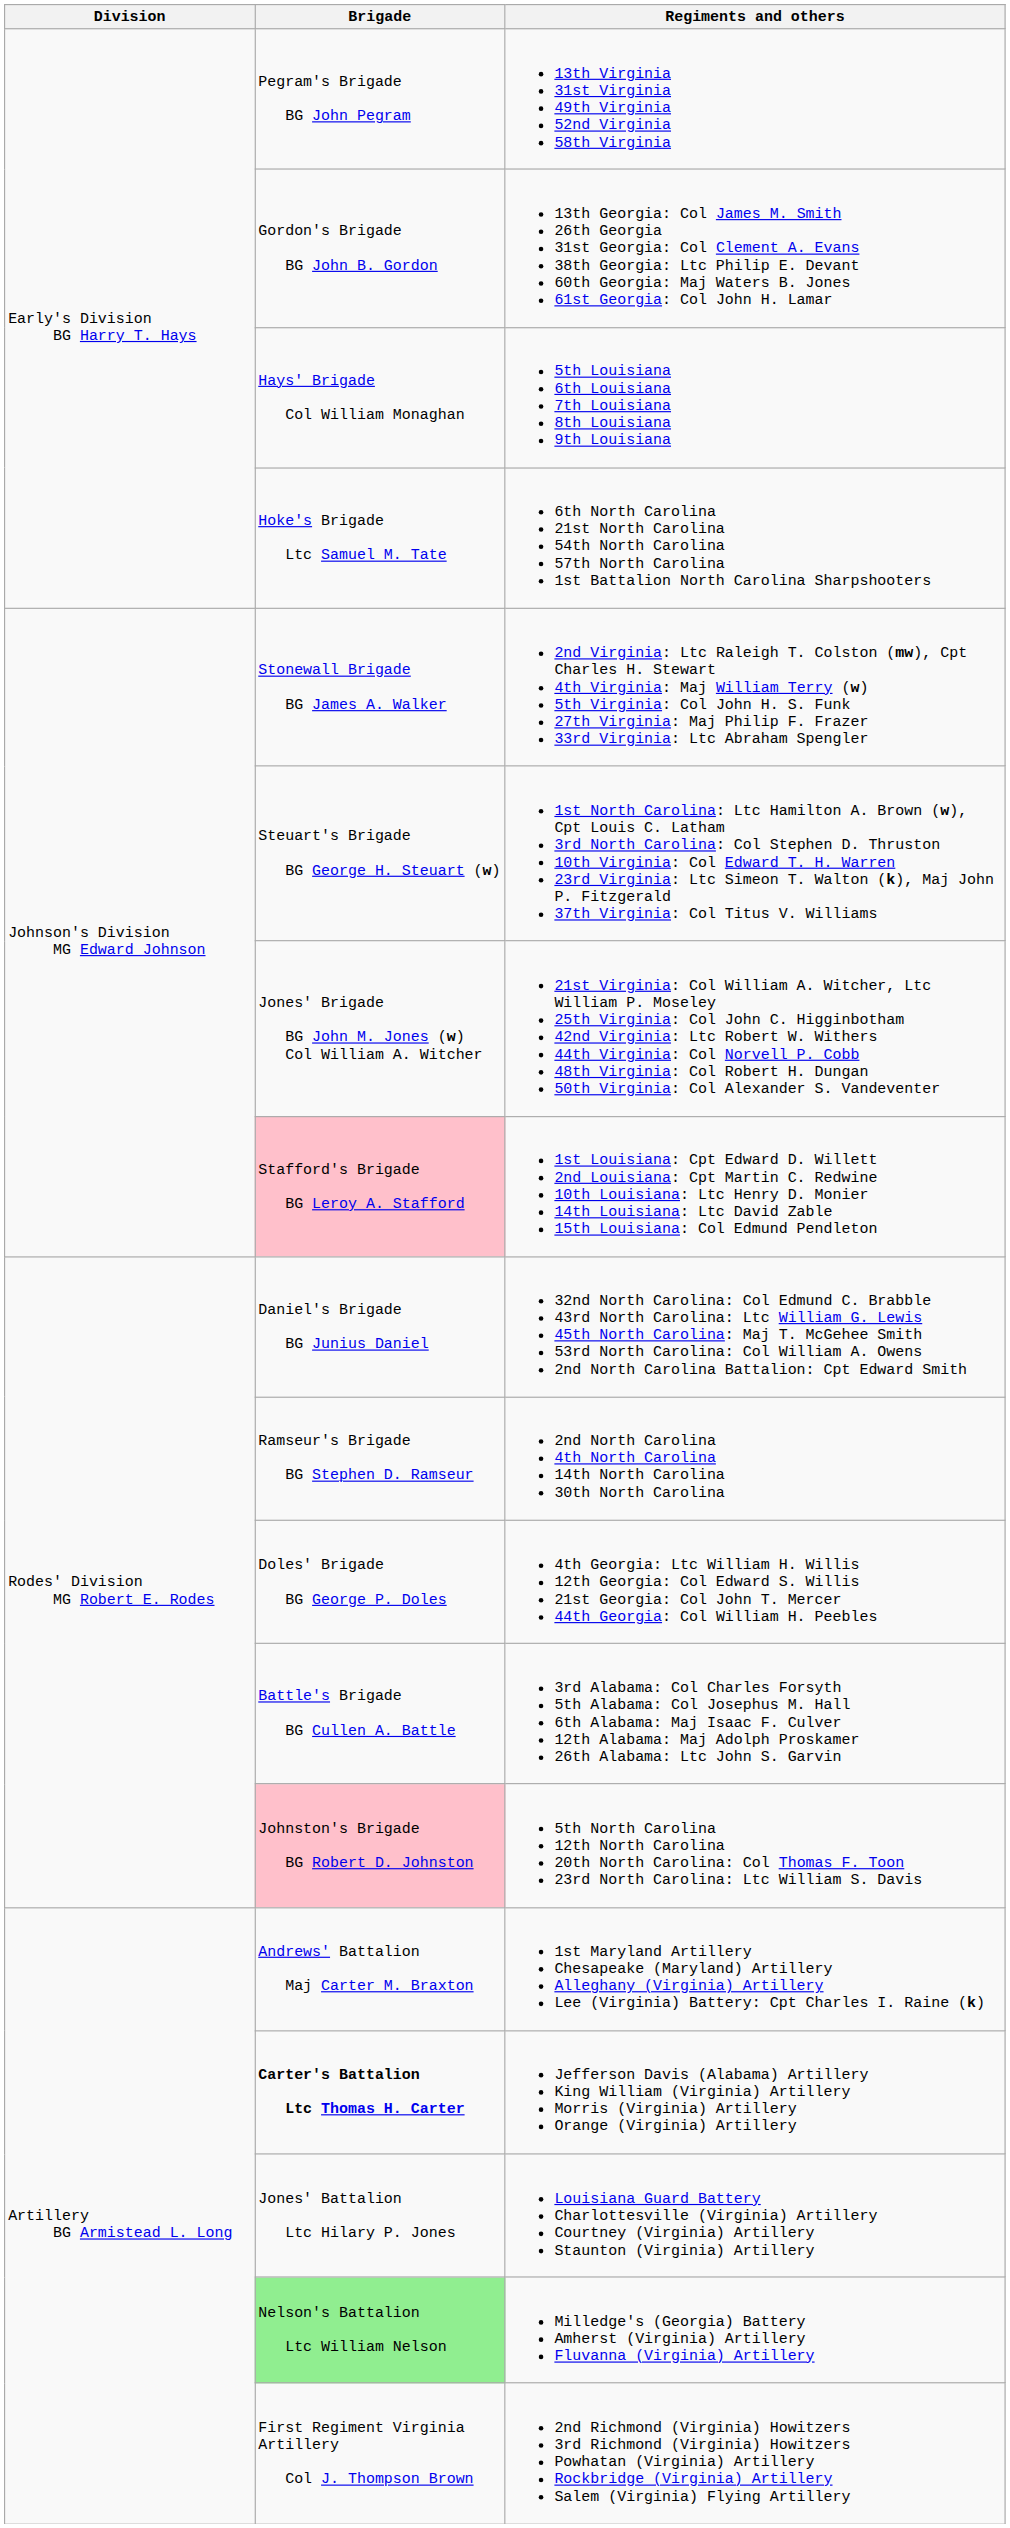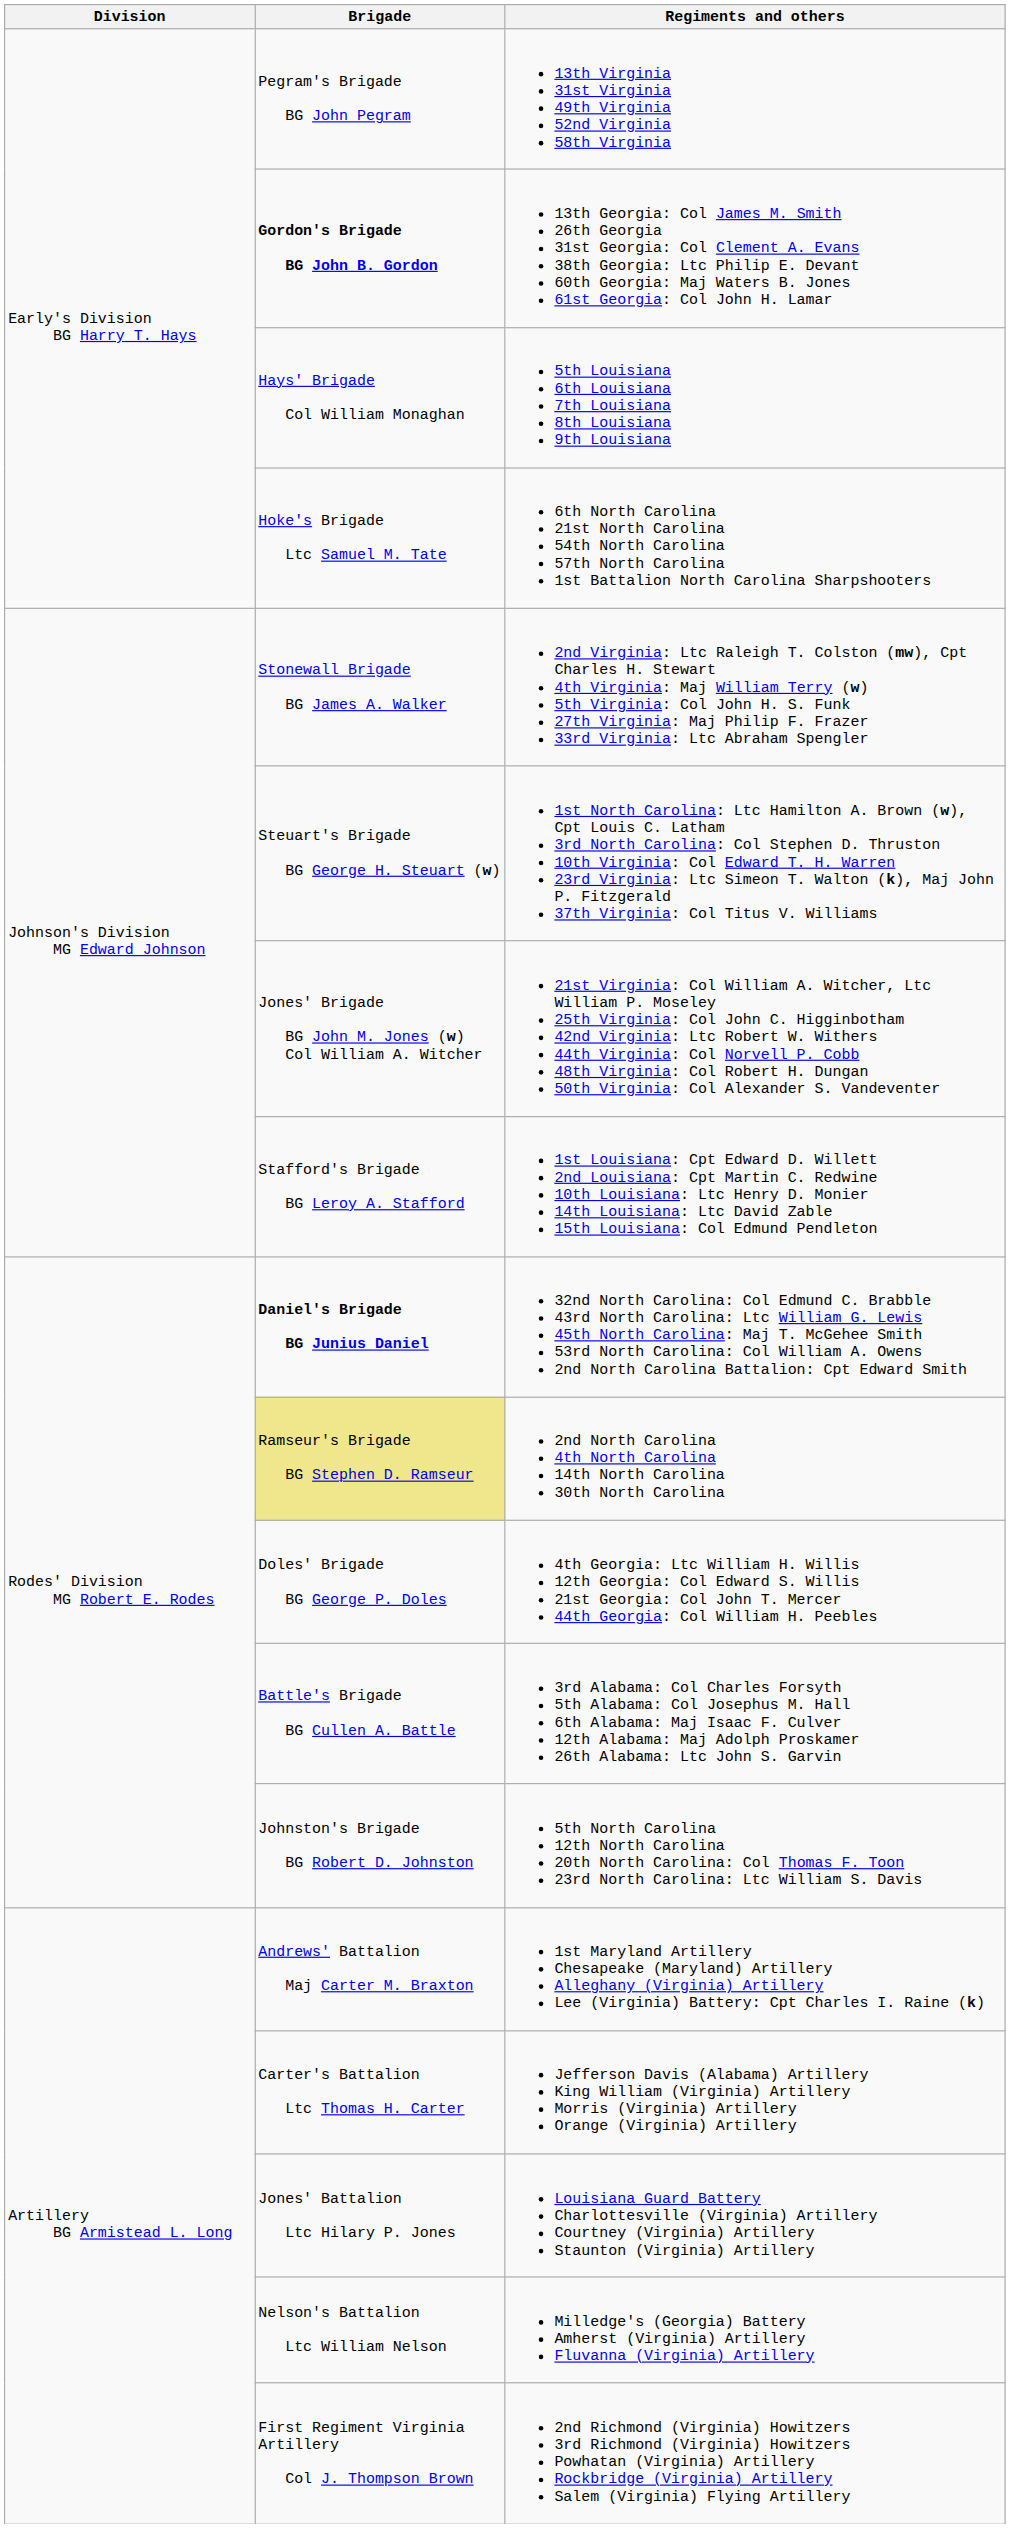 <table class="wikitable">
 <tr>
 <th width=25%>Division</th>
 <th width=25%>Brigade</th>
 <th>Regiments and others</th>
 </tr>
 <tr>
 <td rowspan=4><br>Early's Division <br>     BG <a href='#'>Harry T. Hays</a></td>
 <td>Pegram's Brigade<br><br>   BG <a href='#'>John Pegram</a></td>
 <td><br><ul><li><a href='#'>13th Virginia</a></li><li><a href='#'>31st Virginia</a></li><li><a href='#'>49th Virginia</a></li><li><a href='#'>52nd Virginia</a></li><li><a href='#'>58th Virginia</a></li></ul></td>
 </tr>
 <tr>
-<td>Gordon's Brigade<br><br>   BG <a href='#'>John B. Gordon</a></td>
+<td><strong>Gordon's Brigade<br><br>   BG <a href='#'>John B. Gordon</a></strong></td>
 <td><br><ul><li>13th Georgia: Col <a href='#'>James M. Smith</a></li><li>26th Georgia</li><li>31st Georgia: Col <a href='#'>Clement A. Evans</a></li><li>38th Georgia: Ltc Philip E. Devant</li><li>60th Georgia: Maj Waters B. Jones</li><li><a href='#'>61st Georgia</a>: Col John H. Lamar</li></ul></td>
 </tr>
 <tr>
 <td><a href='#'>Hays' Brigade</a><br><br>   Col William Monaghan</td>
 <td><br><ul><li><a href='#'>5th Louisiana</a></li><li><a href='#'>6th Louisiana</a></li><li><a href='#'>7th Louisiana</a></li><li><a href='#'>8th Louisiana</a></li><li><a href='#'>9th Louisiana</a></li></ul></td>
 </tr>
 <tr>
 <td><a href='#'>Hoke's</a> Brigade<br><br>   Ltc <a href='#'>Samuel M. Tate</a></td>
 <td><br><ul><li>6th North Carolina</li><li>21st North Carolina</li><li>54th North Carolina</li><li>57th North Carolina</li><li>1st Battalion North Carolina Sharpshooters</li></ul></td>
 </tr>
 <tr>
 <td rowspan=4><br>Johnson's Division <br>     MG <a href='#'>Edward Johnson</a></td>
 <td><a href='#'>Stonewall Brigade</a><br><br>   BG <a href='#'>James A. Walker</a></td>
 <td><br><ul><li><a href='#'>2nd Virginia</a>: Ltc Raleigh T. Colston (<strong>mw</strong>), Cpt Charles H. Stewart</li><li><a href='#'>4th Virginia</a>: Maj <a href='#'>William Terry</a> (<strong>w</strong>)</li><li><a href='#'>5th Virginia</a>: Col John H. S. Funk</li><li><a href='#'>27th Virginia</a>: Maj Philip F. Frazer</li><li><a href='#'>33rd Virginia</a>: Ltc Abraham Spengler</li></ul></td>
 </tr>
 <tr>
 <td>Steuart's Brigade<br><br>   BG <a href='#'>George H. Steuart</a> (<strong>w</strong>)</td>
 <td><br><ul><li><a href='#'>1st North Carolina</a>: Ltc Hamilton A. Brown (<strong>w</strong>), Cpt Louis C. Latham</li><li><a href='#'>3rd North Carolina</a>: Col Stephen D. Thruston</li><li><a href='#'>10th Virginia</a>: Col <a href='#'>Edward T. H. Warren</a></li><li><a href='#'>23rd Virginia</a>: Ltc Simeon T. Walton (<strong>k</strong>), Maj John P. Fitzgerald</li><li><a href='#'>37th Virginia</a>: Col Titus V. Williams</li></ul></td>
 </tr>
 <tr>
 <td>Jones' Brigade<br><br>   BG <a href='#'>John M. Jones</a> (<strong>w</strong>) <br>   Col William A. Witcher</td>
 <td><br><ul><li><a href='#'>21st Virginia</a>: Col William A. Witcher, Ltc William P. Moseley</li><li><a href='#'>25th Virginia</a>: Col John C. Higginbotham</li><li><a href='#'>42nd Virginia</a>: Ltc Robert W. Withers</li><li><a href='#'>44th Virginia</a>: Col <a href='#'>Norvell P. Cobb</a></li><li><a href='#'>48th Virginia</a>: Col Robert H. Dungan</li><li><a href='#'>50th Virginia</a>: Col Alexander S. Vandeventer</li></ul></td>
 </tr>
 <tr>
-<td style="background: pink;">Stafford's Brigade<br><br>   BG <a href='#'>Leroy A. Stafford</a></td>
+<td>Stafford's Brigade<br><br>   BG <a href='#'>Leroy A. Stafford</a></td>
 <td><br><ul><li><a href='#'>1st Louisiana</a>: Cpt Edward D. Willett</li><li><a href='#'>2nd Louisiana</a>: Cpt Martin C. Redwine</li><li><a href='#'>10th Louisiana</a>: Ltc Henry D. Monier</li><li><a href='#'>14th Louisiana</a>: Ltc David Zable</li><li><a href='#'>15th Louisiana</a>: Col Edmund Pendleton</li></ul></td>
 </tr>
 <tr>
 <td rowspan=5><br>Rodes' Division <br>     MG <a href='#'>Robert E. Rodes</a></td>
-<td>Daniel's Brigade<br><br>   BG <a href='#'>Junius Daniel</a></td>
+<td><strong>Daniel's Brigade<br><br>   BG <a href='#'>Junius Daniel</a></strong></td>
 <td><br><ul><li>32nd North Carolina: Col Edmund C. Brabble</li><li>43rd North Carolina: Ltc <a href='#'>William G. Lewis</a></li><li><a href='#'>45th North Carolina</a>: Maj T. McGehee Smith</li><li>53rd North Carolina: Col William A. Owens</li><li>2nd North Carolina Battalion: Cpt Edward Smith</li></ul></td>
 </tr>
 <tr>
-<td>Ramseur's Brigade<br><br>   BG <a href='#'>Stephen D. Ramseur</a></td>
+<td style="background: khaki;">Ramseur's Brigade<br><br>   BG <a href='#'>Stephen D. Ramseur</a></td>
 <td><br><ul><li>2nd North Carolina</li><li><a href='#'>4th North Carolina</a></li><li>14th North Carolina</li><li>30th North Carolina</li></ul></td>
 </tr>
 <tr>
 <td>Doles' Brigade<br><br>   BG <a href='#'>George P. Doles</a></td>
 <td><br><ul><li>4th Georgia: Ltc William H. Willis</li><li>12th Georgia: Col Edward S. Willis</li><li>21st Georgia: Col John T. Mercer</li><li><a href='#'>44th Georgia</a>: Col William H. Peebles</li></ul></td>
 </tr>
 <tr>
 <td><a href='#'>Battle's</a> Brigade<br><br>   BG <a href='#'>Cullen A. Battle</a></td>
 <td><br><ul><li>3rd Alabama: Col Charles Forsyth</li><li>5th Alabama: Col Josephus M. Hall</li><li>6th Alabama: Maj Isaac F. Culver</li><li>12th Alabama: Maj Adolph Proskamer</li><li>26th Alabama: Ltc John S. Garvin</li></ul></td>
 </tr>
 <tr>
-<td style="background: pink;">Johnston's Brigade<br><br>   BG <a href='#'>Robert D. Johnston</a></td>
+<td>Johnston's Brigade<br><br>   BG <a href='#'>Robert D. Johnston</a></td>
 <td><br><ul><li>5th North Carolina</li><li>12th North Carolina</li><li>20th North Carolina: Col <a href='#'>Thomas F. Toon</a></li><li>23rd North Carolina: Ltc William S. Davis</li></ul></td>
 </tr>
 <tr>
 <td rowspan=5><br>Artillery <br>     BG <a href='#'>Armistead L. Long</a></td>
 <td><a href='#'>Andrews'</a> Battalion<br><br>   Maj <a href='#'>Carter M. Braxton</a></td>
 <td><br><ul><li>1st Maryland Artillery</li><li>Chesapeake (Maryland) Artillery</li><li><a href='#'>Alleghany (Virginia) Artillery</a></li><li>Lee (Virginia) Battery: Cpt Charles I. Raine (<strong>k</strong>)</li></ul></td>
 </tr>
 <tr>
-<td><strong>Carter's Battalion<br><br>   Ltc <a href='#'>Thomas H. Carter</a></strong></td>
+<td>Carter's Battalion<br><br>   Ltc <a href='#'>Thomas H. Carter</a></td>
 <td><br><ul><li>Jefferson Davis (Alabama) Artillery</li><li>King William (Virginia) Artillery</li><li>Morris (Virginia) Artillery</li><li>Orange (Virginia) Artillery</li></ul></td>
 </tr>
 <tr>
 <td>Jones' Battalion<br><br>   Ltc Hilary P. Jones</td>
 <td><br><ul><li><a href='#'>Louisiana Guard Battery</a></li><li>Charlottesville (Virginia) Artillery</li><li>Courtney (Virginia) Artillery</li><li>Staunton (Virginia) Artillery</li></ul></td>
 </tr>
 <tr>
-<td style="background: lightgreen;">Nelson's Battalion<br><br>   Ltc William Nelson</td>
+<td>Nelson's Battalion<br><br>   Ltc William Nelson</td>
 <td><br><ul><li>Milledge's (Georgia) Battery</li><li>Amherst (Virginia) Artillery</li><li><a href='#'>Fluvanna (Virginia) Artillery</a></li></ul></td>
 </tr>
 <tr>
 <td>First Regiment Virginia Artillery<br><br>   Col <a href='#'>J. Thompson Brown</a></td>
 <td><br><ul><li>2nd Richmond (Virginia) Howitzers</li><li>3rd Richmond (Virginia) Howitzers</li><li>Powhatan (Virginia) Artillery</li><li><a href='#'>Rockbridge (Virginia) Artillery</a></li><li>Salem (Virginia) Flying Artillery</li></ul></td>
 </tr>
 </table>
